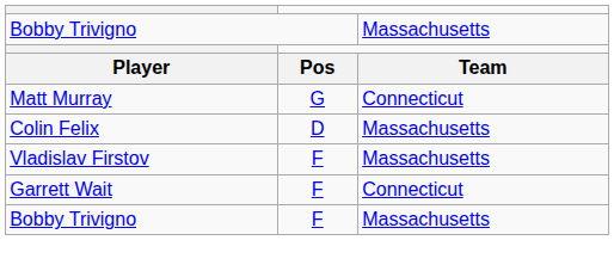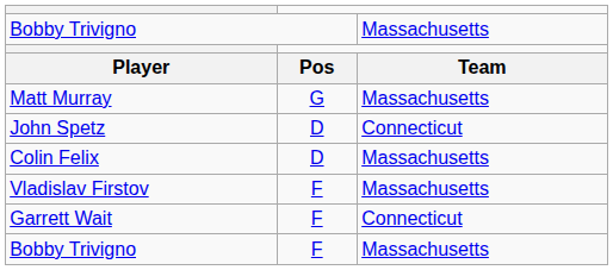 <table class="wikitable" width=40%>
 <tr>
 <th><a href='#'></a></th>
 </tr>
 <tr>
 <td colspan=2><a href='#'>Bobby Trivigno</a></td>
 <td><a href='#'>Massachusetts</a></td>
 </tr>
 <tr>
 <th><a href='#'></a></th>
 </tr>
 <tr>
 <th>Player</th>
 <th>Pos</th>
 <th>Team</th>
 </tr>
 <tr>
 <td><a href='#'>Matt Murray</a></td>
 <td style="text-align:center;"><a href='#'>G</a></td>
+<td><a href='#'>Massachusetts</a></td>
+</tr>
+<tr>
+<td><a href='#'>John Spetz</a></td>
+<td style="text-align:center;"><a href='#'>D</a></td>
 <td><a href='#'>Connecticut</a></td>
 </tr>
 <tr>
 <td><a href='#'>Colin Felix</a></td>
 <td style="text-align:center;"><a href='#'>D</a></td>
 <td><a href='#'>Massachusetts</a></td>
 </tr>
 <tr>
 <td><a href='#'>Vladislav Firstov</a></td>
 <td style="text-align:center;"><a href='#'>F</a></td>
 <td><a href='#'>Massachusetts</a></td>
 </tr>
 <tr>
 <td><a href='#'>Garrett Wait</a></td>
 <td style="text-align:center;"><a href='#'>F</a></td>
 <td><a href='#'>Connecticut</a></td>
 </tr>
 <tr>
 <td><a href='#'>Bobby Trivigno</a></td>
 <td style="text-align:center;"><a href='#'>F</a></td>
 <td><a href='#'>Massachusetts</a></td>
 </tr>
 </table>
